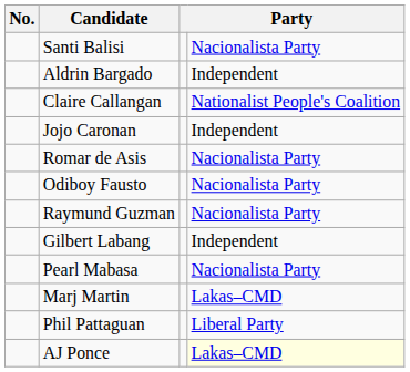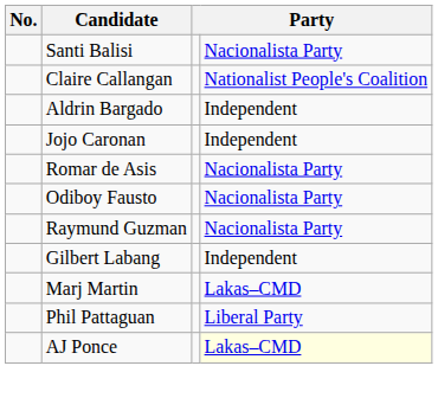 <table class="wikitable sortable" style="text-align:left;">
 <tr>
 <th>No.</th>
 <th>Candidate</th>
 <th colspan="2">Party</th>
 </tr>
 <tr>
 <td></td>
 <td>Santi Balisi</td>
 <td></td>
 <td><a href='#'>Nacionalista Party</a></td>
 </tr>
 <tr>
 <td></td>
+<td>Claire Callangan</td>
+<td></td>
+<td><a href='#'>Nationalist People's Coalition</a></td>
+</tr>
+<tr>
+<td></td>
 <td>Aldrin Bargado</td>
 <td></td>
 <td>Independent</td>
-</tr>
-<tr>
-<td></td>
-<td>Claire Callangan</td>
-<td></td>
-<td><a href='#'>Nationalist People's Coalition</a></td>
 </tr>
 <tr>
 <td></td>
 <td>Jojo Caronan</td>
 <td></td>
 <td>Independent</td>
 </tr>
 <tr>
 <td></td>
 <td>Romar de Asis</td>
 <td></td>
 <td><a href='#'>Nacionalista Party</a></td>
 </tr>
 <tr>
 <td></td>
 <td>Odiboy Fausto</td>
 <td></td>
 <td><a href='#'>Nacionalista Party</a></td>
 </tr>
 <tr>
 <td></td>
 <td>Raymund Guzman</td>
 <td></td>
 <td><a href='#'>Nacionalista Party</a></td>
 </tr>
 <tr>
 <td></td>
 <td>Gilbert Labang</td>
 <td></td>
 <td>Independent</td>
 </tr>
 <tr>
 <td></td>
-<td>Pearl Mabasa</td>
-<td></td>
-<td><a href='#'>Nacionalista Party</a></td>
-</tr>
-<tr>
-<td></td>
 <td>Marj Martin</td>
 <td></td>
 <td><a href='#'>Lakas–CMD</a></td>
 </tr>
 <tr>
 <td></td>
 <td>Phil Pattaguan</td>
 <td></td>
 <td><a href='#'>Liberal Party</a></td>
 </tr>
 <tr>
 <td></td>
 <td>AJ Ponce</td>
 <td></td>
 <td style="background: lightyellow;"><a href='#'>Lakas–CMD</a></td>
 </tr>
 </table>
